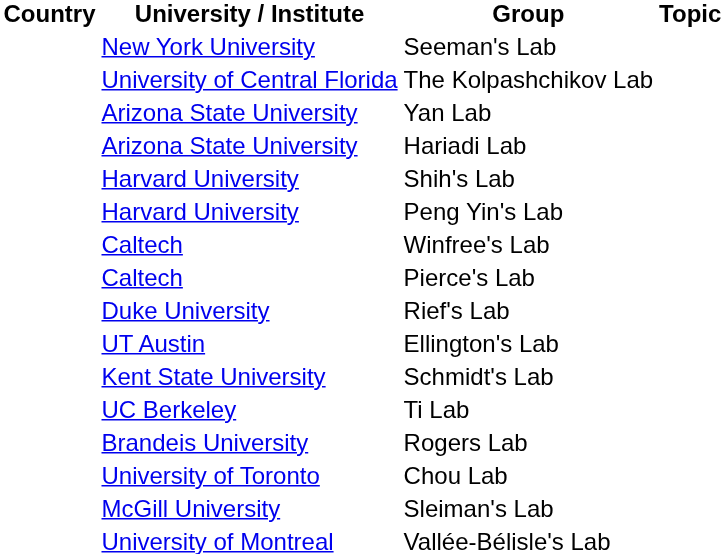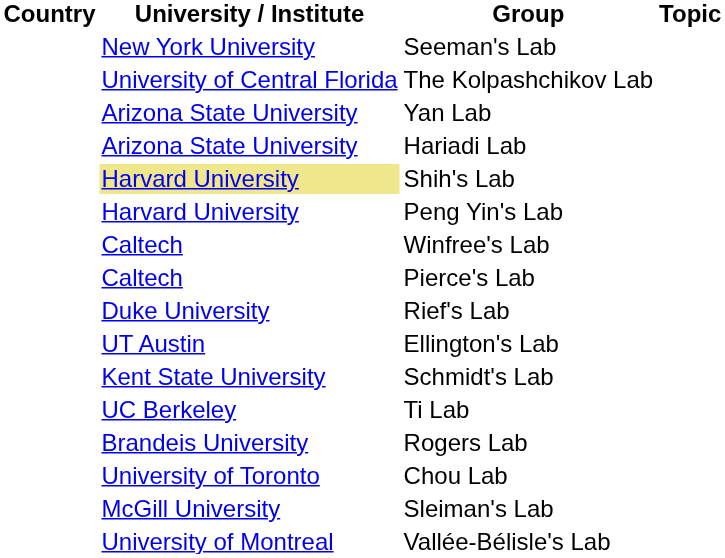 <table class="sortable">
 <tr>
 <th>Country</th>
 <th>University / Institute</th>
 <th>Group</th>
 <th>Topic</th>
 </tr>
 <tr>
 <td></td>
 <td><a href='#'>New York University</a></td>
 <td>Seeman's Lab </td>
 </tr>
 <tr>
 <td></td>
 <td><a href='#'>University of Central Florida</a></td>
 <td>The Kolpashchikov Lab </td>
 </tr>
 <tr>
 <td></td>
 <td><a href='#'>Arizona State University</a></td>
 <td>Yan Lab </td>
 </tr>
 <tr>
 <td></td>
 <td><a href='#'>Arizona State University</a></td>
 <td>Hariadi Lab </td>
 </tr>
 <tr>
 <td></td>
-<td><a href='#'>Harvard University</a></td>
+<td style="background: khaki;"><a href='#'>Harvard University</a></td>
 <td>Shih's Lab </td>
 </tr>
 <tr>
 <td></td>
 <td><a href='#'>Harvard University</a></td>
 <td>Peng Yin's Lab </td>
 </tr>
 <tr>
 <td></td>
 <td><a href='#'>Caltech</a></td>
 <td>Winfree's Lab </td>
 </tr>
 <tr>
 <td></td>
 <td><a href='#'>Caltech</a></td>
 <td>Pierce's Lab </td>
 </tr>
 <tr>
 <td></td>
 <td><a href='#'>Duke University</a></td>
 <td>Rief's Lab </td>
 </tr>
 <tr>
 <td></td>
 <td><a href='#'>UT Austin</a></td>
 <td>Ellington's Lab </td>
 </tr>
 <tr>
 <td></td>
 <td><a href='#'>Kent State University</a></td>
 <td>Schmidt's Lab </td>
 </tr>
 <tr>
 <td></td>
 <td><a href='#'>UC Berkeley</a></td>
 <td>Ti Lab</td>
 </tr>
 <tr>
 <td></td>
 <td><a href='#'>Brandeis University</a></td>
 <td>Rogers Lab</td>
 </tr>
 <tr>
 <td></td>
 <td><a href='#'>University of Toronto</a></td>
 <td>Chou Lab </td>
 </tr>
 <tr>
 <td></td>
 <td><a href='#'>McGill University</a></td>
 <td>Sleiman's Lab </td>
 </tr>
 <tr>
 <td></td>
 <td><a href='#'>University of Montreal</a></td>
 <td>Vallée-Bélisle's Lab </td>
 </tr>
 </table>
